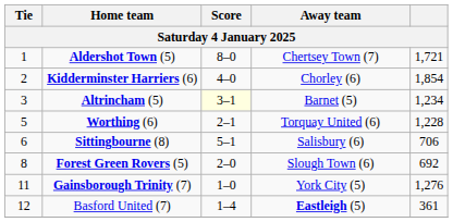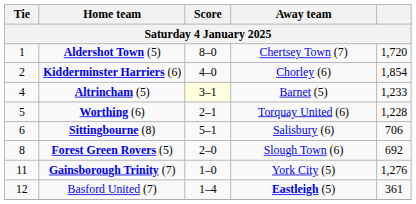 <table class="wikitable" style="text-align:center; font-size:90%">
 <tr>
 <th scope="col" style="width:  8.43%;">Tie</th>
 <th scope="col" style="width: 35.29%;">Home team</th>
 <th scope="col" style="width: 11.00%;">Score</th>
 <th scope="col" style="width: 35.29%;">Away team</th>
 <th scope="col" style="width:  8.43%;"></th>
 </tr>
 <tr>
 <th colspan="5"><strong>Saturday 4 January 2025</strong></th>
 </tr>
 <tr>
 <td>1</td>
 <td><strong><a href='#'>Aldershot Town</a></strong> (5)</td>
 <td>8–0</td>
 <td><a href='#'>Chertsey Town</a> (7)</td>
-<td>1,721</td>
+<td>1,720</td>
 </tr>
 <tr>
 <td>2</td>
 <td><strong><a href='#'>Kidderminster Harriers</a></strong> (6)</td>
 <td>4–0</td>
 <td><a href='#'>Chorley</a> (6)</td>
 <td>1,854</td>
 </tr>
 <tr>
-<td>3</td>
+<td>4</td>
 <td><strong><a href='#'>Altrincham</a></strong> (5)</td>
 <td style="background: lightyellow;">3–1</td>
 <td><a href='#'>Barnet</a> (5)</td>
-<td>1,234</td>
+<td>1,233</td>
 </tr>
 <tr>
 <td>5</td>
 <td><strong><a href='#'>Worthing</a></strong> (6)</td>
 <td>2–1</td>
 <td><a href='#'>Torquay United</a> (6)</td>
 <td>1,228</td>
 </tr>
 <tr>
 <td>6</td>
 <td><strong><a href='#'>Sittingbourne</a></strong> (8)</td>
 <td>5–1</td>
 <td><a href='#'>Salisbury</a> (6)</td>
 <td>706</td>
 </tr>
 <tr>
 <td>8</td>
 <td><strong><a href='#'>Forest Green Rovers</a></strong> (5)</td>
 <td>2–0</td>
 <td><a href='#'>Slough Town</a> (6)</td>
 <td>692</td>
 </tr>
 <tr>
 <td>11</td>
 <td><strong><a href='#'>Gainsborough Trinity</a></strong> (7)</td>
 <td>1–0</td>
 <td><a href='#'>York City</a> (5)</td>
 <td>1,276</td>
 </tr>
 <tr>
 <td>12</td>
 <td><a href='#'>Basford United</a> (7)</td>
 <td>1–4</td>
 <td><strong><a href='#'>Eastleigh</a></strong> (5)</td>
 <td>361</td>
 </tr>
 <tr>
 </tr>
 </table>
